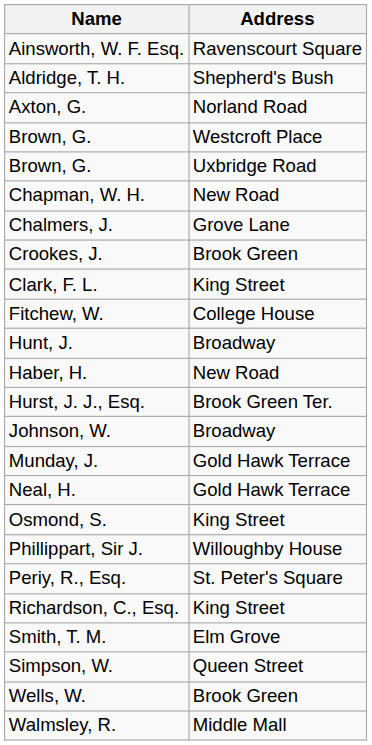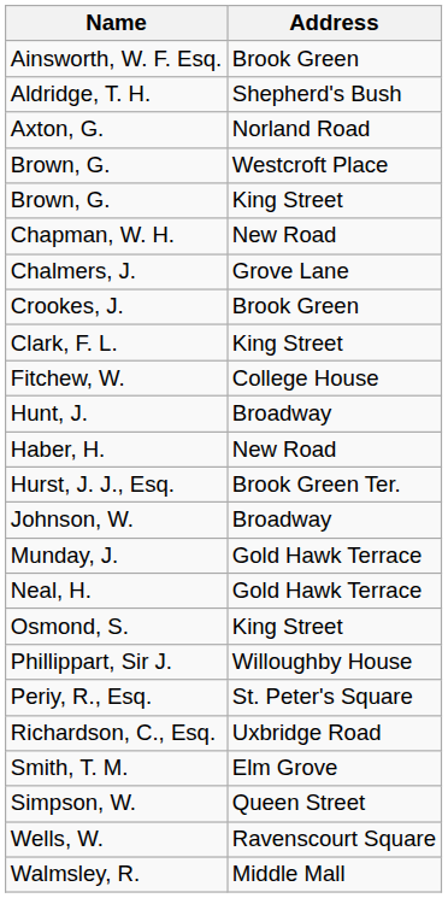 <table class="wikitable">
 <tr>
 <th>Name</th>
 <th>Address</th>
 </tr>
 <tr>
 <td>Ainsworth, W. F. Esq.</td>
-<td>Ravenscourt Square</td>
+<td>Brook Green</td>
 </tr>
 <tr>
 <td>Aldridge, T. H.</td>
 <td>Shepherd's Bush</td>
 </tr>
 <tr>
 <td>Axton, G.</td>
 <td>Norland Road</td>
 </tr>
 <tr>
 <td>Brown, G.</td>
 <td>Westcroft Place</td>
 </tr>
 <tr>
 <td>Brown, G.</td>
-<td>Uxbridge Road</td>
+<td>King Street</td>
 </tr>
 <tr>
 <td>Chapman, W. H.</td>
 <td>New Road</td>
 </tr>
 <tr>
 <td>Chalmers, J.</td>
 <td>Grove Lane</td>
 </tr>
 <tr>
 <td>Crookes, J.</td>
 <td>Brook Green</td>
 </tr>
 <tr>
 <td>Clark, F. L.</td>
 <td>King Street</td>
 </tr>
 <tr>
 <td>Fitchew, W.</td>
 <td>College House</td>
 </tr>
 <tr>
 <td>Hunt, J.</td>
 <td>Broadway</td>
 </tr>
 <tr>
 <td>Haber, H.</td>
 <td>New Road</td>
 </tr>
 <tr>
 <td>Hurst, J. J., Esq.</td>
 <td>Brook Green Ter.</td>
 </tr>
 <tr>
 <td>Johnson, W.</td>
 <td>Broadway</td>
 </tr>
 <tr>
 <td>Munday, J.</td>
 <td>Gold Hawk Terrace</td>
 </tr>
 <tr>
 <td>Neal, H.</td>
 <td>Gold Hawk Terrace</td>
 </tr>
 <tr>
 <td>Osmond, S.</td>
 <td>King Street</td>
 </tr>
 <tr>
 <td>Phillippart, Sir J.</td>
 <td>Willoughby House</td>
 </tr>
 <tr>
 <td>Periy, R., Esq.</td>
 <td>St. Peter's Square</td>
 </tr>
 <tr>
 <td>Richardson, C., Esq.</td>
-<td>King Street</td>
+<td>Uxbridge Road</td>
 </tr>
 <tr>
 <td>Smith, T. M.</td>
 <td>Elm Grove</td>
 </tr>
 <tr>
 <td>Simpson, W.</td>
 <td>Queen Street</td>
 </tr>
 <tr>
 <td>Wells, W.</td>
-<td>Brook Green</td>
+<td>Ravenscourt Square</td>
 </tr>
 <tr>
 <td>Walmsley, R.</td>
 <td>Middle Mall</td>
 </tr>
 </table>
